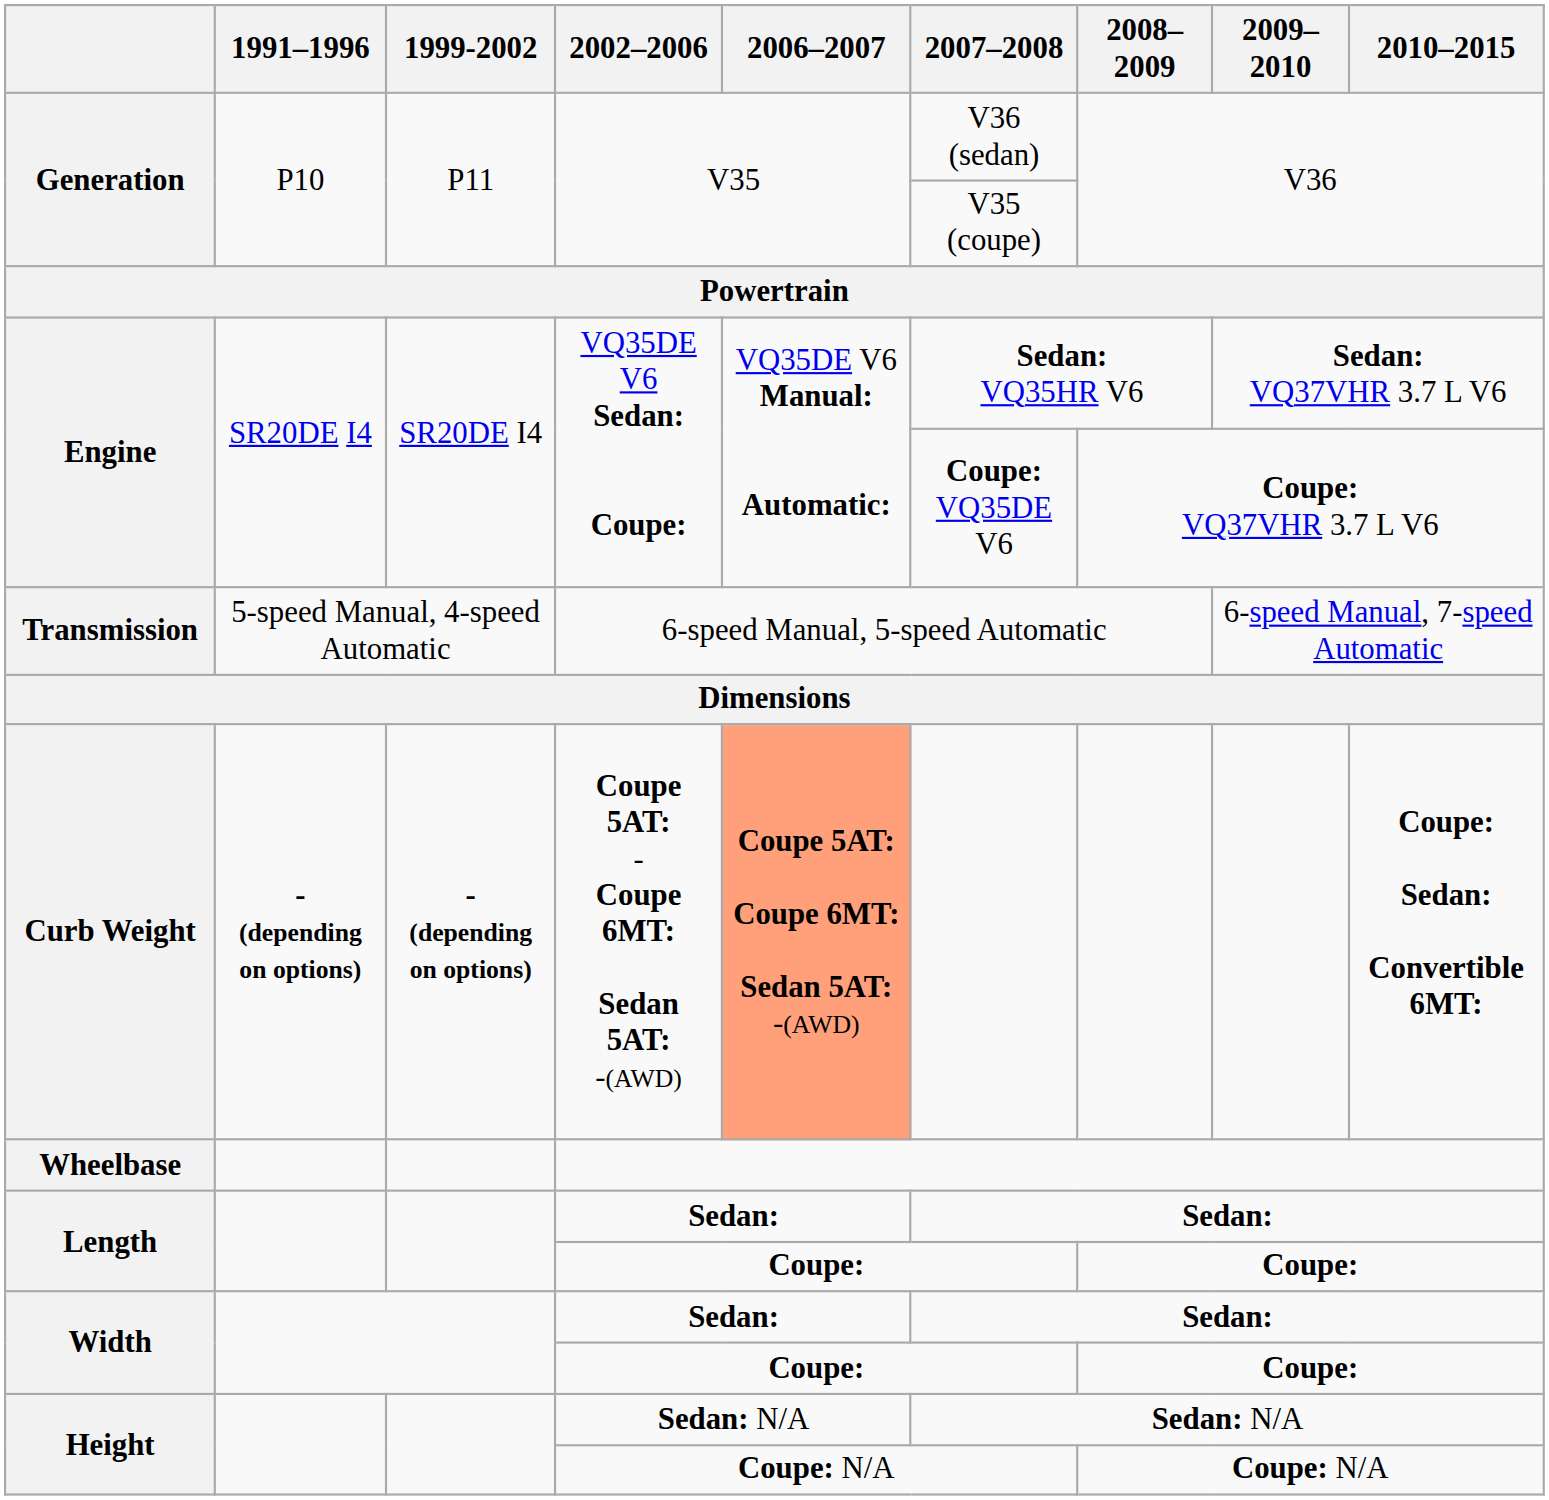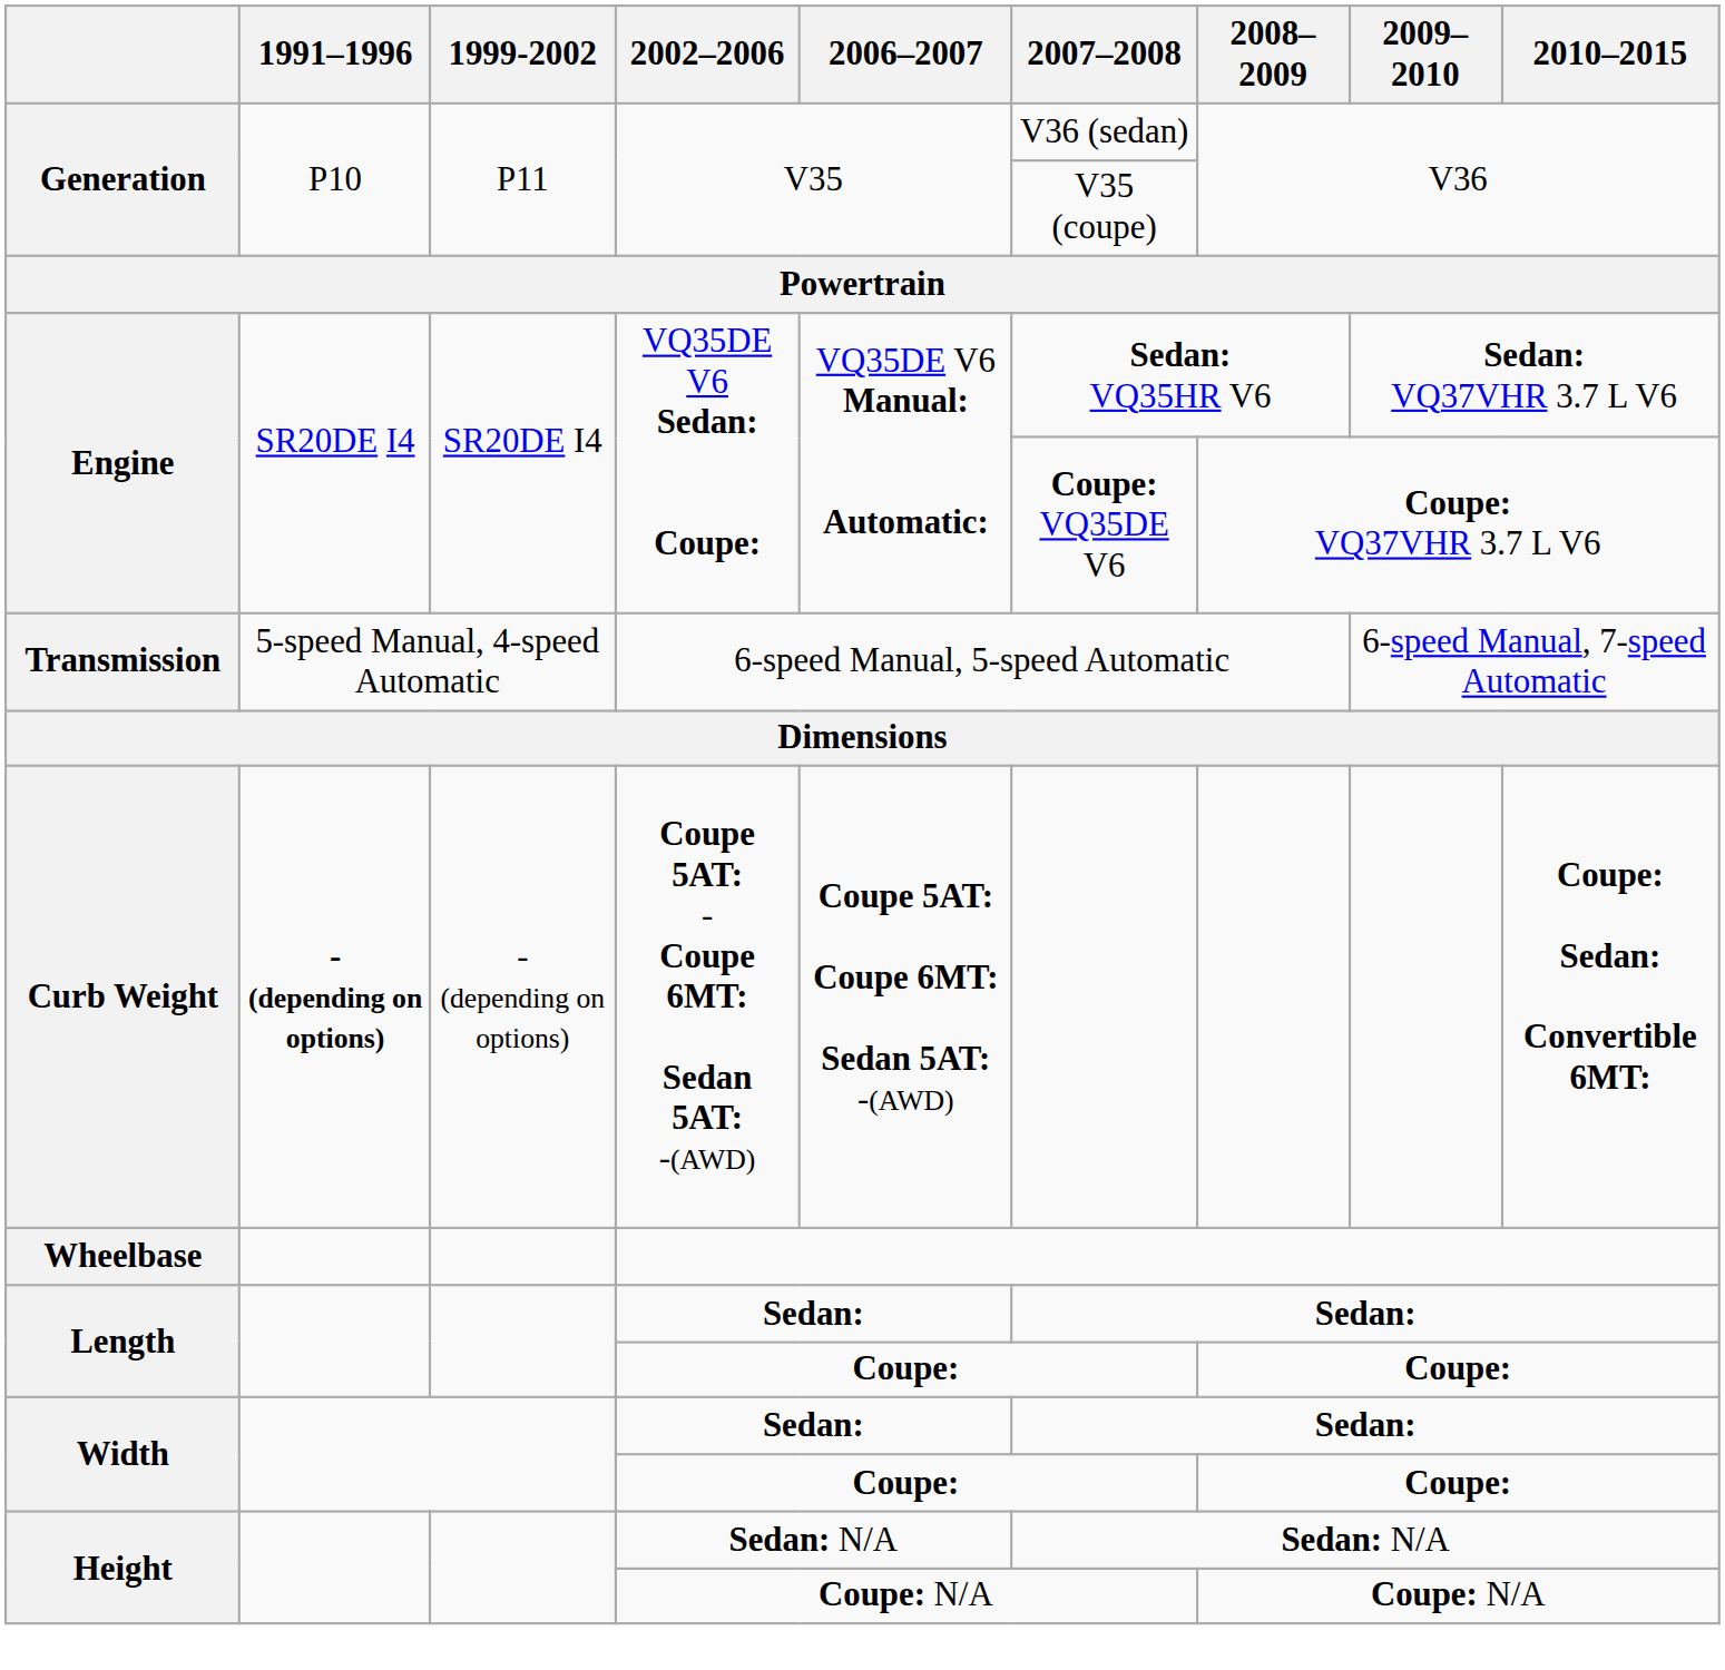 <table class="wikitable" style="width:720px; text-align:center; font-size: 90%;">
 <tr>
 <th style="width:120px;"></th>
 <th style="width:120px;">1991–1996</th>
 <th style="width:120px;">1999-2002</th>
 <th style="width:120px;">2002–2006</th>
 <th style="width:120px;">2006–2007</th>
 <th style="width:120px;">2007–2008</th>
 <th style="width:120px;">2008–2009</th>
 <th style="width:120px;">2009–2010</th>
 <th style="width:120px;">2010–2015</th>
 </tr>
 <tr>
 <th rowspan="2">Generation</th>
 <td rowspan="2">P10</td>
 <td rowspan="2">P11</td>
 <td colspan="2" rowspan="2">V35</td>
 <td>V36 (sedan)</td>
 <td colspan="3" rowspan="2">V36</td>
 </tr>
 <tr>
 <td>V35 (coupe)</td>
 </tr>
 <tr>
 <th colspan="9">Powertrain</th>
 </tr>
 <tr>
 <th rowspan="2">Engine</th>
 <td rowspan="2"><a href='#'>SR20DE</a>  <a href='#'>I4</a><br><br></td>
 <td rowspan="2"><a href='#'>SR20DE</a>  I4<br><br></td>
 <td rowspan="2"><a href='#'>VQ35DE</a>  <a href='#'>V6</a><br><strong>Sedan:</strong><br> <br> <br><strong>Coupe:</strong><br><br></td>
 <td rowspan="2"><a href='#'>VQ35DE</a>  V6<br><strong>Manual:</strong><br><br><br><strong>Automatic:</strong><br><br></td>
 <td colspan="2"><strong>Sedan:</strong><br><a href='#'>VQ35HR</a> V6 <br></td>
 <td colspan="2"><strong>Sedan:</strong><br><a href='#'>VQ37VHR</a> 3.7 L V6  </td>
 </tr>
 <tr>
 <td><strong>Coupe:</strong><br><a href='#'>VQ35DE</a> V6 <br></td>
 <td colspan="3"><strong>Coupe:</strong><br><a href='#'>VQ37VHR</a> 3.7 L V6  </td>
 </tr>
 <tr>
 <th>Transmission</th>
 <td colspan="2">5-speed Manual, 4-speed Automatic</td>
 <td colspan="4">6-speed Manual, 5-speed Automatic</td>
 <td colspan="2">6-<a href='#'>speed Manual</a>, 7-<a href='#'>speed Automatic</a></td>
 </tr>
 <tr>
 <th colspan="9">Dimensions</th>
 </tr>
 <tr>
 <th>Curb Weight</th>
 <td><strong>-<br><small>(depending on options)</small></strong></td>
-<td><strong>-<br><small>(depending on options)</small></strong></td>
+<td>-<br><small>(depending on options)</small></td>
 <td><br><strong>Coupe 5AT:</strong><br>-<br><strong>Coupe 6MT:</strong><br><br><strong>Sedan 5AT:</strong><br>-<small>(AWD)</small><br><br></td>
-<td style="background: lightsalmon;"><br><strong>Coupe 5AT:</strong><br><br><strong>Coupe 6MT:</strong><br><br><strong>Sedan 5AT:</strong><br>-<small>(AWD)</small><br><br></td>
+<td><br><strong>Coupe 5AT:</strong><br><br><strong>Coupe 6MT:</strong><br><br><strong>Sedan 5AT:</strong><br>-<small>(AWD)</small><br><br></td>
 <td></td>
 <td></td>
 <td></td>
 <td colspan="2"><strong>Coupe:</strong><br><br><strong>Sedan:</strong><br><br><strong>Convertible 6MT:</strong><br><br></td>
 </tr>
 <tr>
 <th>Wheelbase</th>
 <td></td>
 <td></td>
 <td colspan="6"></td>
 </tr>
 <tr>
 <th rowspan="2">Length</th>
 <td rowspan="2"></td>
 <td rowspan="2"></td>
 <td colspan="2"><strong>Sedan:</strong> </td>
 <td colspan="4"><strong>Sedan:</strong> </td>
 </tr>
 <tr>
 <td colspan="3"><strong>Coupe:</strong> </td>
 <td colspan="3"><strong>Coupe:</strong> </td>
 </tr>
 <tr>
 <th rowspan="2">Width</th>
 <td rowspan="2" colspan="2"></td>
 <td colspan="2"><strong>Sedan:</strong> </td>
 <td colspan="4"><strong>Sedan:</strong> </td>
 </tr>
 <tr>
 <td colspan="3"><strong>Coupe:</strong> </td>
 <td colspan="3"><strong>Coupe:</strong> </td>
 </tr>
 <tr>
 <th rowspan="2">Height</th>
 <td rowspan="2"></td>
 <td rowspan="2"></td>
 <td colspan="2"><strong>Sedan:</strong> N/A</td>
 <td colspan="4"><strong>Sedan:</strong> N/A</td>
 </tr>
 <tr>
 <td colspan="3"><strong>Coupe:</strong> N/A</td>
 <td colspan="4"><strong>Coupe:</strong> N/A</td>
 </tr>
 </table>
